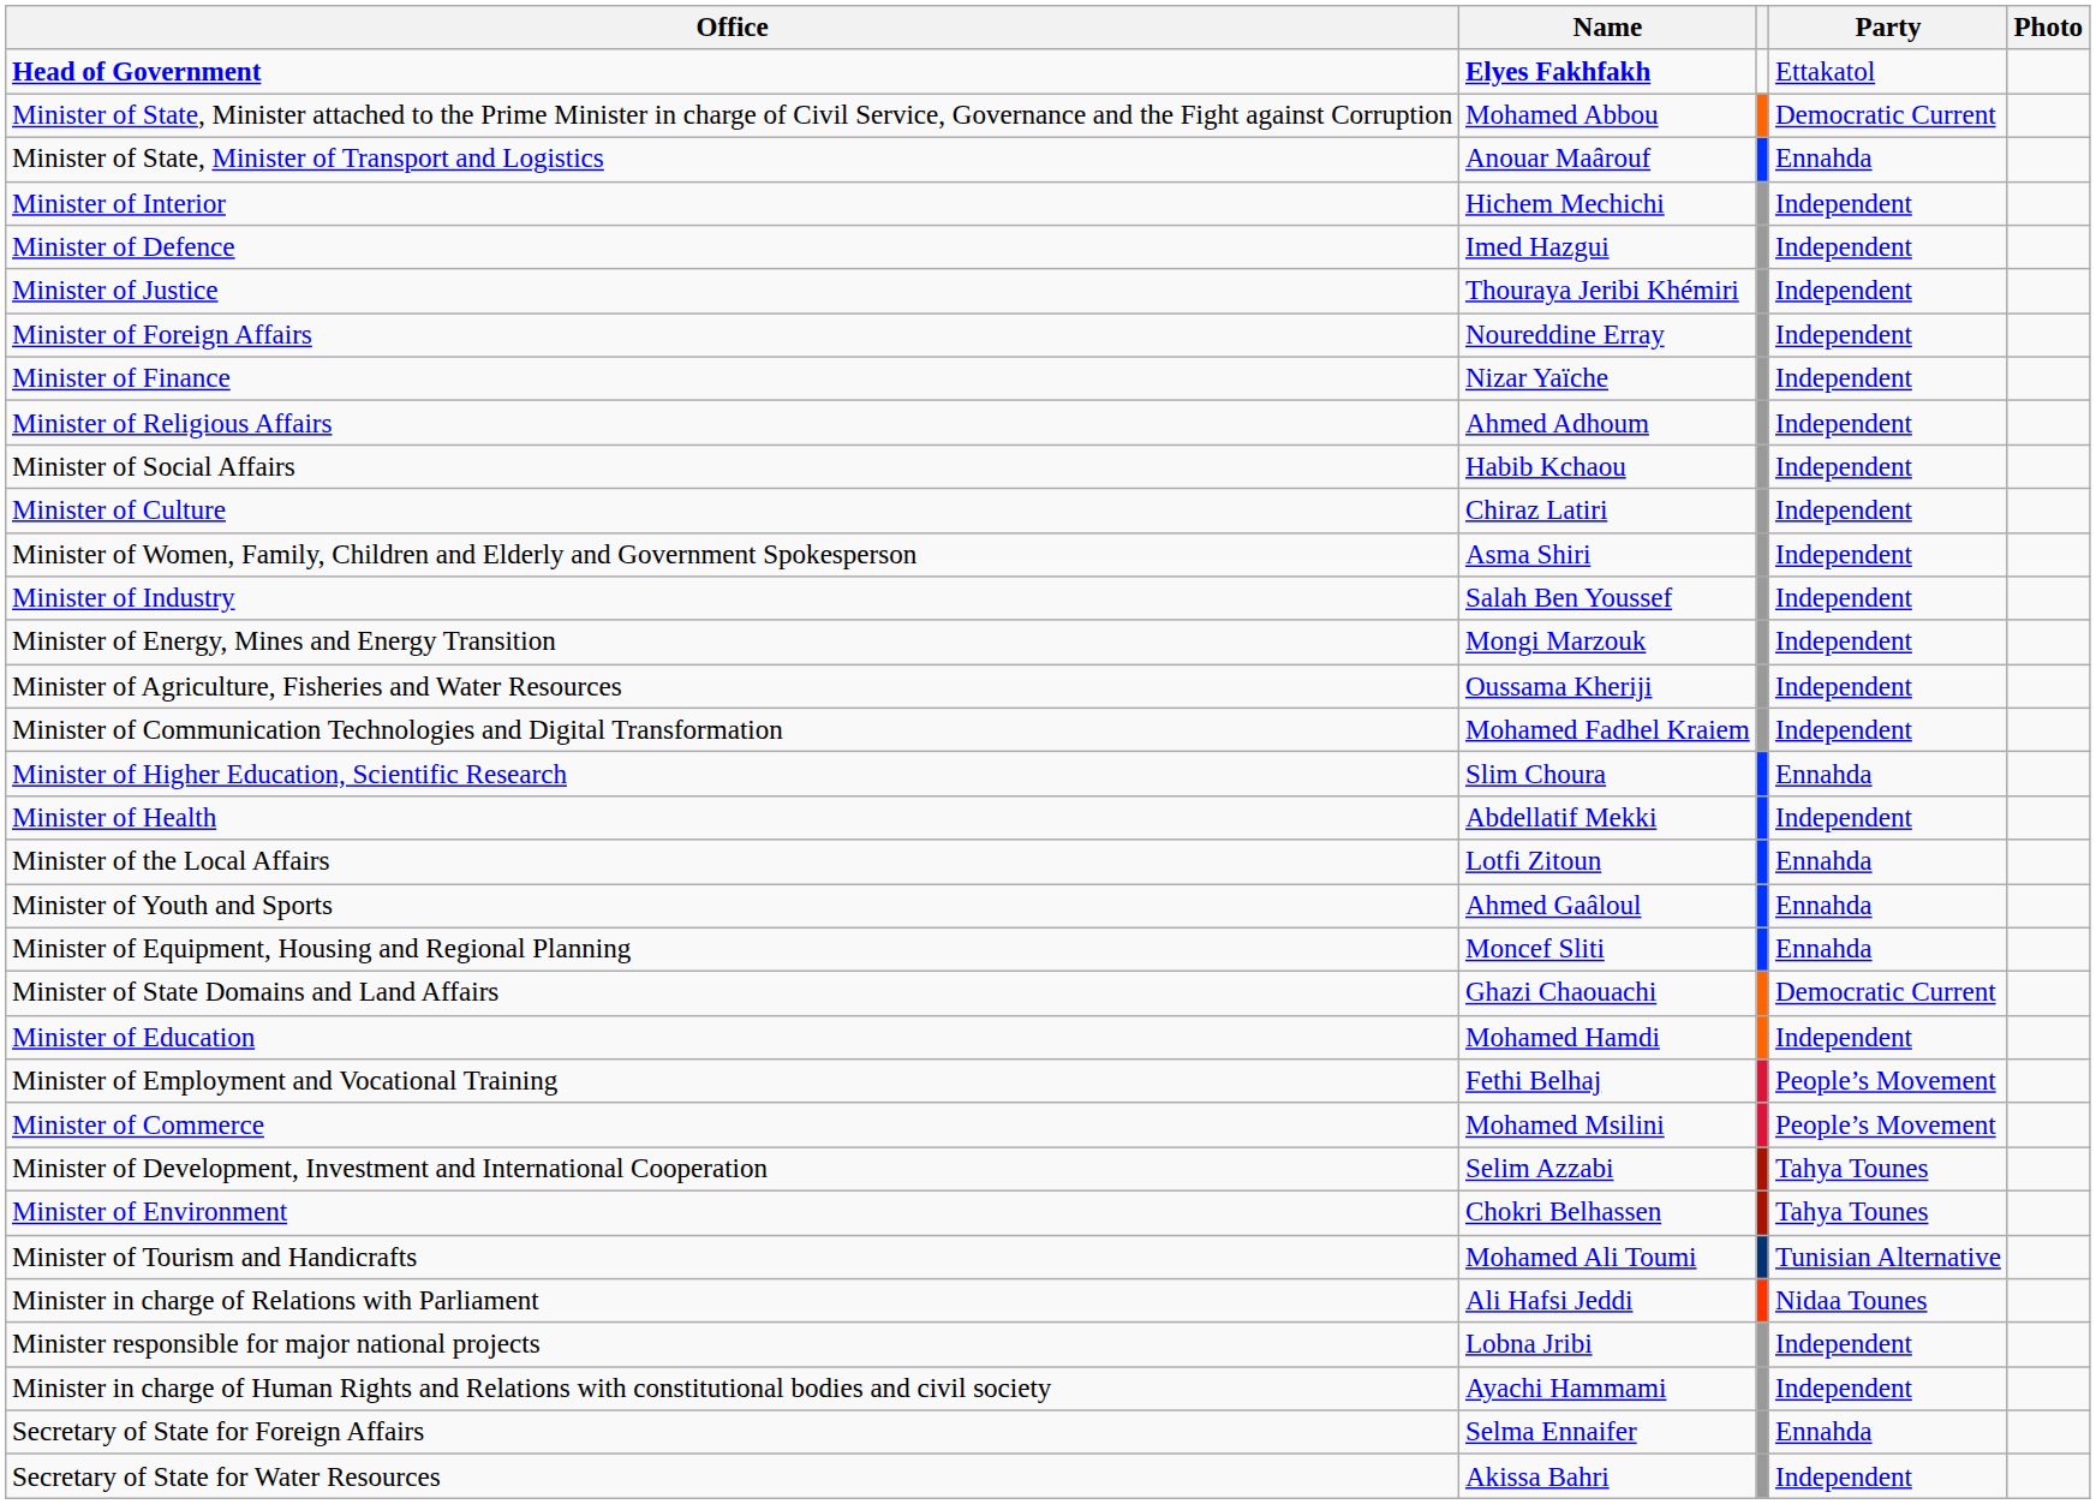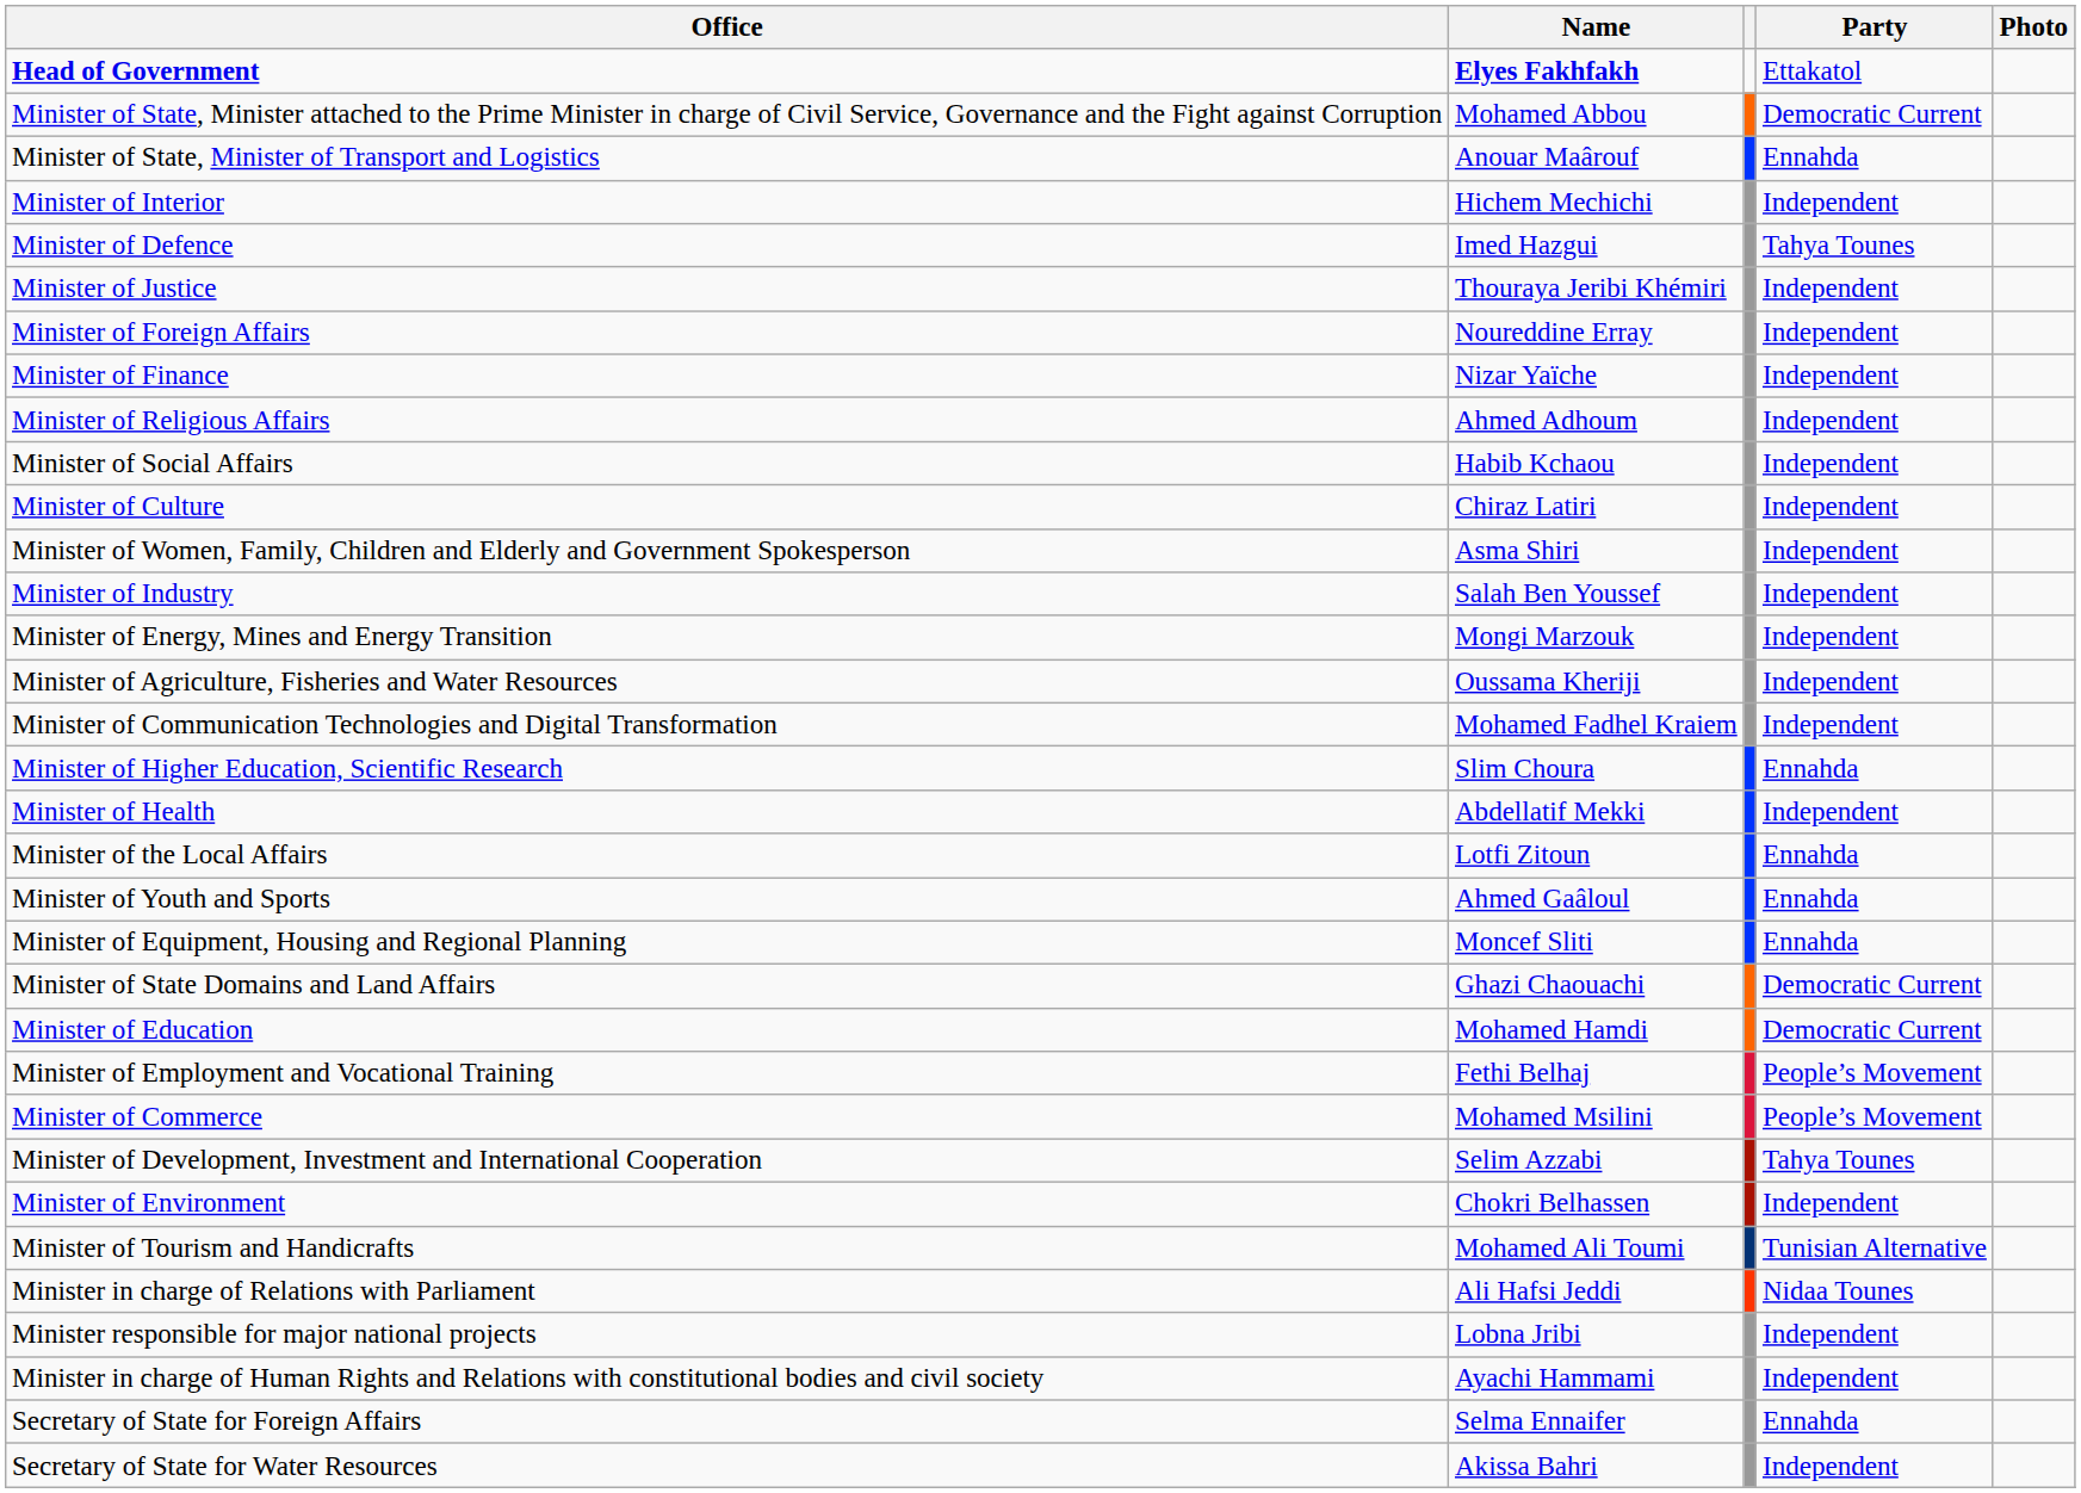 <table class="wikitable">
 <tr>
 <th>Office</th>
 <th>Name</th>
 <th></th>
 <th>Party</th>
 <th>Photo</th>
 </tr>
 <tr>
 <td><strong><a href='#'>Head of Government</a></strong></td>
 <td><strong><a href='#'>Elyes Fakhfakh</a></strong></td>
 <td></td>
 <td><a href='#'>Ettakatol</a></td>
 <td></td>
 </tr>
 <tr>
 <td><a href='#'>Minister of State</a>, Minister attached to the Prime Minister in charge of Civil Service, Governance and the Fight against Corruption</td>
 <td><a href='#'>Mohamed Abbou</a></td>
 <td bgcolor="#FE6500"></td>
 <td><a href='#'>Democratic Current</a></td>
 <td></td>
 </tr>
 <tr>
 <td>Minister of State, <a href='#'>Minister of Transport and Logistics</a></td>
 <td><a href='#'>Anouar Maârouf</a></td>
 <td bgcolor="#0033FF"></td>
 <td><a href='#'>Ennahda</a></td>
 <td></td>
 </tr>
 <tr>
 <td><a href='#'>Minister of Interior</a></td>
 <td><a href='#'>Hichem Mechichi</a></td>
 <td bgcolor="#999999"></td>
 <td><a href='#'>Independent</a></td>
 <td></td>
 </tr>
 <tr>
 <td><a href='#'>Minister of Defence</a></td>
 <td><a href='#'>Imed Hazgui</a></td>
 <td bgcolor="#999999"></td>
-<td><a href='#'>Independent</a></td>
+<td><a href='#'>Tahya Tounes</a></td>
 <td></td>
 </tr>
 <tr>
 <td><a href='#'>Minister of Justice</a></td>
 <td><a href='#'>Thouraya Jeribi Khémiri</a></td>
 <td bgcolor="#999999"></td>
 <td><a href='#'>Independent</a></td>
 <td></td>
 </tr>
 <tr>
 <td><a href='#'>Minister of Foreign Affairs</a></td>
 <td><a href='#'>Noureddine Erray</a></td>
 <td bgcolor="#999999"></td>
 <td><a href='#'>Independent</a></td>
 <td></td>
 </tr>
 <tr>
 <td><a href='#'>Minister of Finance</a></td>
 <td><a href='#'>Nizar Yaïche</a></td>
 <td bgcolor="#999999"></td>
 <td><a href='#'>Independent</a></td>
 <td></td>
 </tr>
 <tr>
 <td><a href='#'>Minister of Religious Affairs</a></td>
 <td><a href='#'>Ahmed Adhoum</a></td>
 <td bgcolor="#999999"></td>
 <td><a href='#'>Independent</a></td>
 <td></td>
 </tr>
 <tr>
 <td>Minister of Social Affairs</td>
 <td><a href='#'>Habib Kchaou</a></td>
 <td bgcolor="#999999"></td>
 <td><a href='#'>Independent</a></td>
 <td></td>
 </tr>
 <tr>
 <td><a href='#'>Minister of Culture</a></td>
 <td><a href='#'>Chiraz Latiri</a></td>
 <td bgcolor="#999999"></td>
 <td><a href='#'>Independent</a></td>
 <td></td>
 </tr>
 <tr>
 <td>Minister of Women, Family, Children and Elderly and Government Spokesperson</td>
 <td><a href='#'>Asma Shiri</a></td>
 <td bgcolor="#999999"></td>
 <td><a href='#'>Independent</a></td>
 <td></td>
 </tr>
 <tr>
 <td><a href='#'>Minister of Industry</a></td>
 <td><a href='#'>Salah Ben Youssef</a></td>
 <td bgcolor="#999999"></td>
 <td><a href='#'>Independent</a></td>
 <td></td>
 </tr>
 <tr>
 <td>Minister of Energy, Mines and Energy Transition</td>
 <td><a href='#'>Mongi Marzouk</a></td>
 <td bgcolor="#999999"></td>
 <td><a href='#'>Independent</a></td>
 <td></td>
 </tr>
 <tr>
 <td>Minister of Agriculture, Fisheries and Water Resources</td>
 <td><a href='#'>Oussama Kheriji</a></td>
 <td bgcolor="#999999"></td>
 <td><a href='#'>Independent</a></td>
 <td></td>
 </tr>
 <tr>
 <td>Minister of Communication Technologies and Digital Transformation</td>
 <td><a href='#'>Mohamed Fadhel Kraiem</a></td>
 <td bgcolor="#999999"></td>
 <td><a href='#'>Independent</a></td>
 <td></td>
 </tr>
 <tr>
 <td><a href='#'>Minister of Higher Education, Scientific Research</a></td>
 <td><a href='#'>Slim Choura</a></td>
 <td bgcolor="#0033FF"></td>
 <td><a href='#'>Ennahda</a></td>
 <td></td>
 </tr>
 <tr>
 <td><a href='#'>Minister of Health</a></td>
 <td><a href='#'>Abdellatif Mekki</a></td>
 <td bgcolor="#0033FF"></td>
 <td><a href='#'>Independent</a></td>
 <td></td>
 </tr>
 <tr>
 <td>Minister of the Local Affairs</td>
 <td><a href='#'>Lotfi Zitoun</a></td>
 <td bgcolor="#0033FF"></td>
 <td><a href='#'>Ennahda</a></td>
 <td></td>
 </tr>
 <tr>
 <td>Minister of Youth and Sports</td>
 <td><a href='#'>Ahmed Gaâloul</a></td>
 <td bgcolor="#0033FF"></td>
 <td><a href='#'>Ennahda</a></td>
 <td></td>
 </tr>
 <tr>
 <td>Minister of Equipment, Housing and Regional Planning</td>
 <td><a href='#'>Moncef Sliti</a></td>
 <td bgcolor="#0033FF"></td>
 <td><a href='#'>Ennahda</a></td>
 <td></td>
 </tr>
 <tr>
 <td>Minister of State Domains and Land Affairs</td>
 <td><a href='#'>Ghazi Chaouachi</a></td>
 <td bgcolor="#FE6500"></td>
 <td><a href='#'>Democratic Current</a></td>
 <td></td>
 </tr>
 <tr>
 <td><a href='#'>Minister of Education</a></td>
 <td><a href='#'>Mohamed Hamdi</a></td>
 <td bgcolor="#FE6500"></td>
-<td><a href='#'>Independent</a></td>
+<td><a href='#'>Democratic Current</a></td>
 <td></td>
 </tr>
 <tr>
 <td>Minister of Employment and Vocational Training</td>
 <td><a href='#'>Fethi Belhaj</a></td>
 <td bgcolor="#DC143C"></td>
 <td><a href='#'>People’s Movement</a></td>
 <td></td>
 </tr>
 <tr>
 <td><a href='#'>Minister of Commerce</a></td>
 <td><a href='#'>Mohamed Msilini</a></td>
 <td bgcolor="#DC143C"></td>
 <td><a href='#'>People’s Movement</a></td>
 <td></td>
 </tr>
 <tr>
 <td>Minister of Development, Investment and International Cooperation</td>
 <td><a href='#'>Selim Azzabi</a></td>
 <td bgcolor="#A91101"></td>
 <td><a href='#'>Tahya Tounes</a></td>
 <td></td>
 </tr>
 <tr>
 <td><a href='#'>Minister of Environment</a></td>
 <td><a href='#'>Chokri Belhassen</a></td>
 <td bgcolor="#A91101"></td>
-<td><a href='#'>Tahya Tounes</a></td>
+<td><a href='#'>Independent</a></td>
 <td></td>
 </tr>
 <tr>
 <td>Minister of Tourism and Handicrafts</td>
 <td><a href='#'>Mohamed Ali Toumi</a></td>
 <td bgcolor="#033274"></td>
 <td><a href='#'>Tunisian Alternative</a></td>
 <td></td>
 </tr>
 <tr>
 <td>Minister in charge of Relations with Parliament</td>
 <td><a href='#'>Ali Hafsi Jeddi</a></td>
 <td bgcolor="#FF3300"></td>
 <td><a href='#'>Nidaa Tounes</a></td>
 <td></td>
 </tr>
 <tr>
 <td>Minister responsible for major national projects</td>
 <td><a href='#'>Lobna Jribi</a></td>
 <td bgcolor="#999999"></td>
 <td><a href='#'>Independent</a></td>
 <td></td>
 </tr>
 <tr>
 <td>Minister in charge of Human Rights and Relations with constitutional bodies and civil society</td>
 <td><a href='#'>Ayachi Hammami</a></td>
 <td bgcolor="#999999"></td>
 <td><a href='#'>Independent</a></td>
 <td></td>
 </tr>
 <tr>
 <td>Secretary of State for Foreign Affairs</td>
 <td><a href='#'>Selma Ennaifer</a></td>
 <td bgcolor="#999999"></td>
 <td><a href='#'>Ennahda</a></td>
 <td></td>
 </tr>
 <tr>
 <td>Secretary of State for Water Resources</td>
 <td><a href='#'>Akissa Bahri</a></td>
 <td bgcolor="#999999"></td>
 <td><a href='#'>Independent</a></td>
 <td></td>
 </tr>
 <tr>
 </tr>
 </table>
